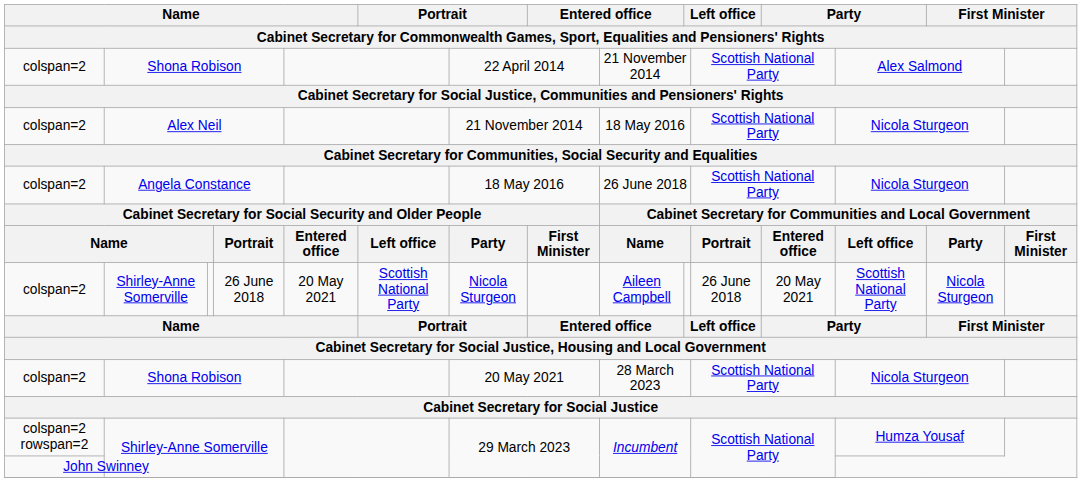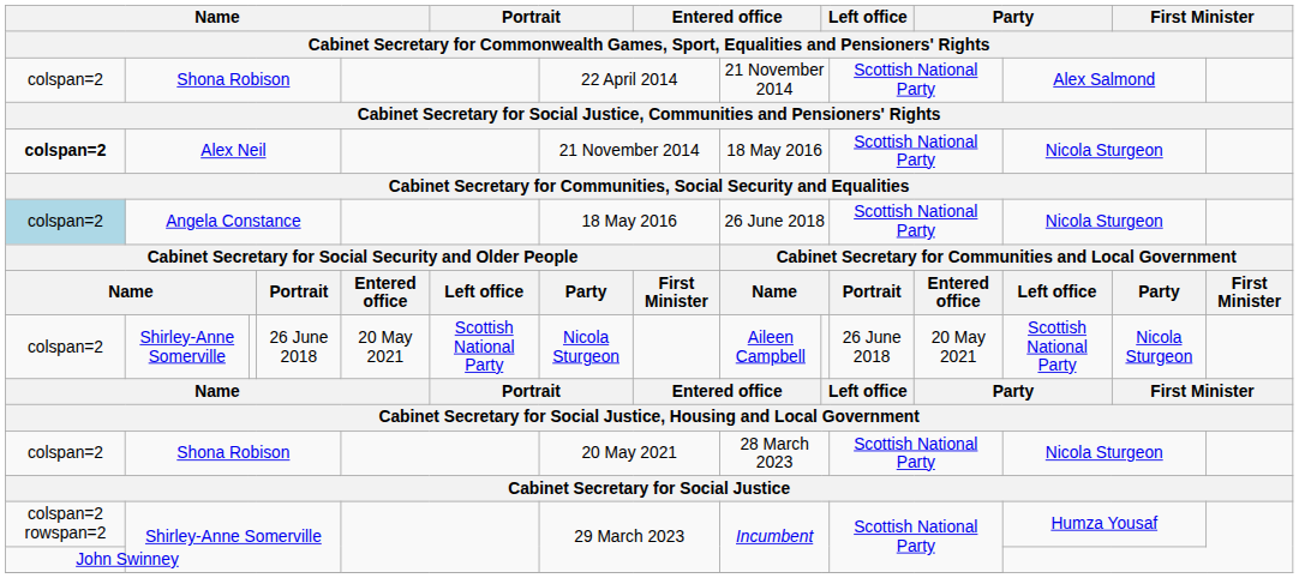 <table class="wikitable" style="text-align:center">
 <tr>
 <th colspan="5">Name</th>
 <th colspan=2>Portrait</th>
 <th colspan=2>Entered office</th>
 <th colspan=2>Left office</th>
 <th colspan=2>Party</th>
 <th colspan=2>First Minister</th>
 </tr>
 <tr>
 <th colspan="15">Cabinet Secretary for Commonwealth Games, Sport, Equalities and Pensioners' Rights</th>
 </tr>
 <tr>
 <td>colspan=2 </td>
 <td colspan=3><a href='#'>Shona Robison</a></td>
 <td colspan=2></td>
 <td colspan=2>22 April 2014</td>
 <td colspan=2>21 November 2014</td>
 <td colspan=2><a href='#'>Scottish National Party</a></td>
 <td colspan=2><a href='#'>Alex Salmond</a></td>
 </tr>
 <tr>
 <th colspan="15">Cabinet Secretary for Social Justice, Communities and Pensioners' Rights</th>
 </tr>
 <tr>
-<td>colspan=2 </td>
+<td><strong>colspan=2 </strong></td>
 <td colspan=3><a href='#'>Alex Neil</a></td>
 <td colspan=2></td>
 <td colspan=2>21 November 2014</td>
 <td colspan=2>18 May 2016</td>
 <td colspan=2><a href='#'>Scottish National Party</a></td>
 <td colspan=2><a href='#'>Nicola Sturgeon</a></td>
 </tr>
 <tr>
 <th colspan="15">Cabinet Secretary for Communities, Social Security and Equalities</th>
 </tr>
 <tr>
-<td>colspan=2 </td>
+<td style="background: lightblue;">colspan=2 </td>
 <td colspan=3><a href='#'>Angela Constance</a></td>
 <td colspan=2></td>
 <td colspan=2>18 May 2016</td>
 <td colspan=2>26 June 2018</td>
 <td colspan=2><a href='#'>Scottish National Party</a></td>
 <td colspan=2><a href='#'>Nicola Sturgeon</a></td>
 </tr>
 <tr>
 <th colspan="8">Cabinet Secretary for Social Security and Older People</th>
 <th colspan="7">Cabinet Secretary for Communities and Local Government</th>
 </tr>
 <tr>
 <th colspan=3>Name</th>
 <th width=75>Portrait</th>
 <th>Entered office</th>
 <th>Left office</th>
 <th>Party</th>
 <th>First Minister</th>
 <th colspan=2>Name</th>
 <th width=75>Portrait</th>
 <th>Entered office</th>
 <th>Left office</th>
 <th>Party</th>
 <th>First Minister</th>
 </tr>
 <tr>
 <td>colspan=2 </td>
 <td><a href='#'>Shirley-Anne Somerville</a></td>
 <td></td>
 <td>26 June 2018</td>
 <td>20 May 2021</td>
 <td><a href='#'>Scottish National Party</a></td>
 <td><a href='#'>Nicola Sturgeon</a></td>
 <td></td>
 <td><a href='#'>Aileen Campbell</a></td>
 <td></td>
 <td>26 June 2018</td>
 <td>20 May 2021</td>
 <td><a href='#'>Scottish National Party</a></td>
 <td><a href='#'>Nicola Sturgeon</a></td>
 </tr>
 <tr>
 <th colspan="5">Name</th>
 <th colspan=2 width=75>Portrait</th>
 <th colspan=2>Entered office</th>
 <th colspan=2>Left office</th>
 <th colspan=2>Party</th>
 <th colspan=2>First Minister</th>
 </tr>
 <tr>
 <th colspan="15">Cabinet Secretary for Social Justice, Housing and Local Government</th>
 </tr>
 <tr>
 <td>colspan=2 </td>
 <td colspan=3><a href='#'>Shona Robison</a></td>
 <td colspan=2></td>
 <td colspan=2>20 May 2021</td>
 <td colspan=2>28 March 2023</td>
 <td colspan=2><a href='#'>Scottish National Party</a></td>
 <td colspan=2><a href='#'>Nicola Sturgeon</a></td>
 </tr>
 <tr>
 <th colspan="15">Cabinet Secretary for Social Justice</th>
 </tr>
 <tr>
 <td>colspan=2 rowspan=2 </td>
 <td colspan=3 rowspan=2><a href='#'>Shirley-Anne Somerville</a></td>
 <td colspan=2 rowspan=2></td>
 <td colspan=2 rowspan=2>29 March 2023</td>
 <td colspan=2 rowspan=2><em><a href='#'>Incumbent</a></em></td>
 <td colspan=2 rowspan=2><a href='#'>Scottish National Party</a></td>
 <td colspan=2><a href='#'>Humza Yousaf</a></td>
 </tr>
 <tr>
 <td colspan=2><a href='#'>John Swinney</a></td>
 </tr>
 <tr>
 </tr>
 </table>
